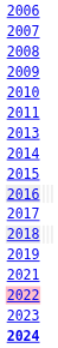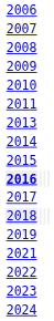 <table>
 <tr>
 <td><a href='#'>2006</a></td>
 <td></td>
 <td></td>
 <td></td>
 </tr>
 <tr>
-<td><a href='#'>2007</a></td>
+<td style="background: lightyellow;"><a href='#'>2007</a></td>
 <td></td>
 <td></td>
 <td></td>
 </tr>
 <tr>
 <td><a href='#'>2008</a></td>
 <td></td>
 <td></td>
 <td></td>
 </tr>
 <tr>
 <td><a href='#'>2009</a></td>
 <td></td>
 <td></td>
 <td></td>
 </tr>
 <tr>
 <td><a href='#'>2010</a></td>
 <td></td>
 <td></td>
 <td></td>
 </tr>
 <tr>
 <td><a href='#'>2011</a></td>
 <td></td>
 <td></td>
 <td></td>
 </tr>
 <tr>
 <td><a href='#'>2013</a></td>
 <td></td>
 <td></td>
 <td></td>
 </tr>
 <tr>
 <td><a href='#'>2014</a></td>
 <td></td>
 <td></td>
 <td></td>
 </tr>
 <tr>
 <td><a href='#'>2015</a></td>
 <td></td>
 <td></td>
 <td></td>
 </tr>
 <tr bgcolor="#EFEFEF">
-<td><a href='#'>2016</a></td>
+<td><strong><a href='#'>2016</a></strong></td>
 <td></td>
 <td></td>
 <td nowrap></td>
 </tr>
 <tr>
 <td><a href='#'>2017</a></td>
 <td></td>
 <td></td>
 <td></td>
 </tr>
 <tr bgcolor="#EFEFEF">
 <td><a href='#'>2018</a></td>
 <td></td>
 <td nowrap></td>
 <td></td>
 </tr>
 <tr>
 <td><a href='#'>2019</a></td>
 <td></td>
 <td></td>
 <td></td>
 </tr>
 <tr>
 <td><a href='#'>2021</a></td>
 <td></td>
 <td></td>
 <td nowrap></td>
 </tr>
 <tr>
-<td style="background: pink;"><a href='#'>2022</a></td>
+<td><a href='#'>2022</a></td>
 <td nowrap></td>
 <td></td>
 <td></td>
 </tr>
 <tr>
 <td><a href='#'>2023</a></td>
 <td></td>
 <td nowrap></td>
 <td></td>
 </tr>
 <tr>
-<td><strong><a href='#'>2024</a></strong></td>
+<td><a href='#'>2024</a></td>
 <td></td>
 <td nowrap></td>
 <td></td>
 </tr>
 </table>
